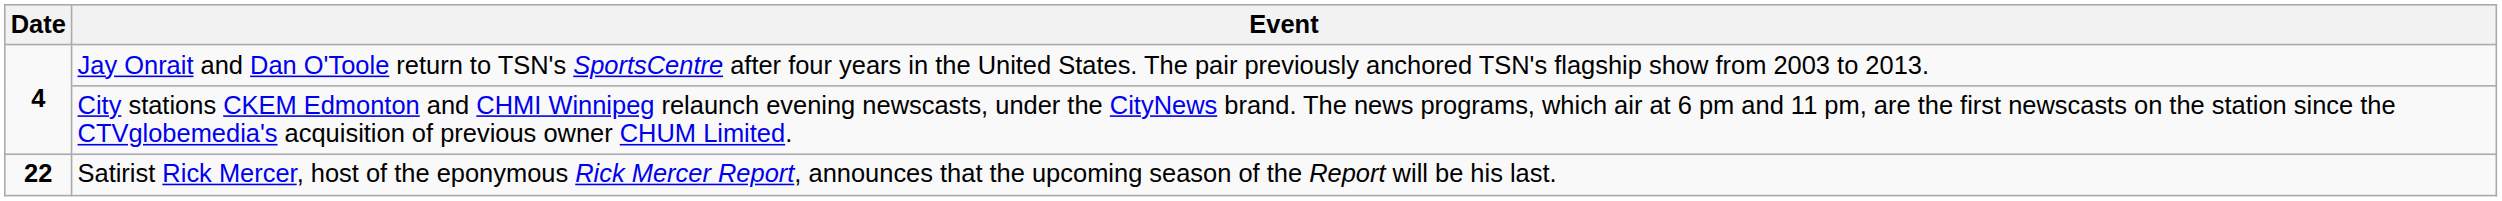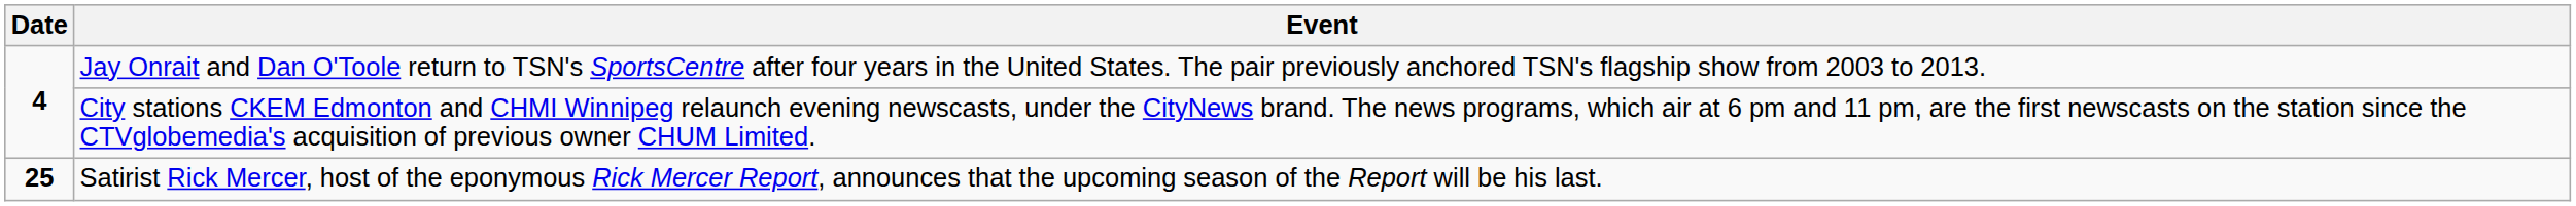 <table class="wikitable">
 <tr>
 <th>Date</th>
 <th>Event</th>
 </tr>
 <tr>
 <td rowspan="2" style="text-align:center;"><strong>4</strong></td>
 <td><a href='#'>Jay Onrait</a> and <a href='#'>Dan O'Toole</a> return to TSN's <em><a href='#'>SportsCentre</a></em> after four years in the United States. The pair previously anchored TSN's flagship show from 2003 to 2013.</td>
 </tr>
 <tr>
 <td><a href='#'>City</a> stations <a href='#'>CKEM Edmonton</a> and <a href='#'>CHMI Winnipeg</a> relaunch evening newscasts, under the <a href='#'>CityNews</a> brand. The news programs, which air at 6 pm and 11 pm, are the first newscasts on the station since the <a href='#'>CTVglobemedia's</a> acquisition of previous owner <a href='#'>CHUM Limited</a>.</td>
 </tr>
 <tr>
-<td style="text-align:center;"><strong>22</strong></td>
+<td style="text-align:center;"><strong>25</strong></td>
 <td>Satirist <a href='#'>Rick Mercer</a>, host of the eponymous <em><a href='#'>Rick Mercer Report</a></em>, announces that the upcoming season of the <em>Report</em> will be his last.</td>
 </tr>
 </table>
